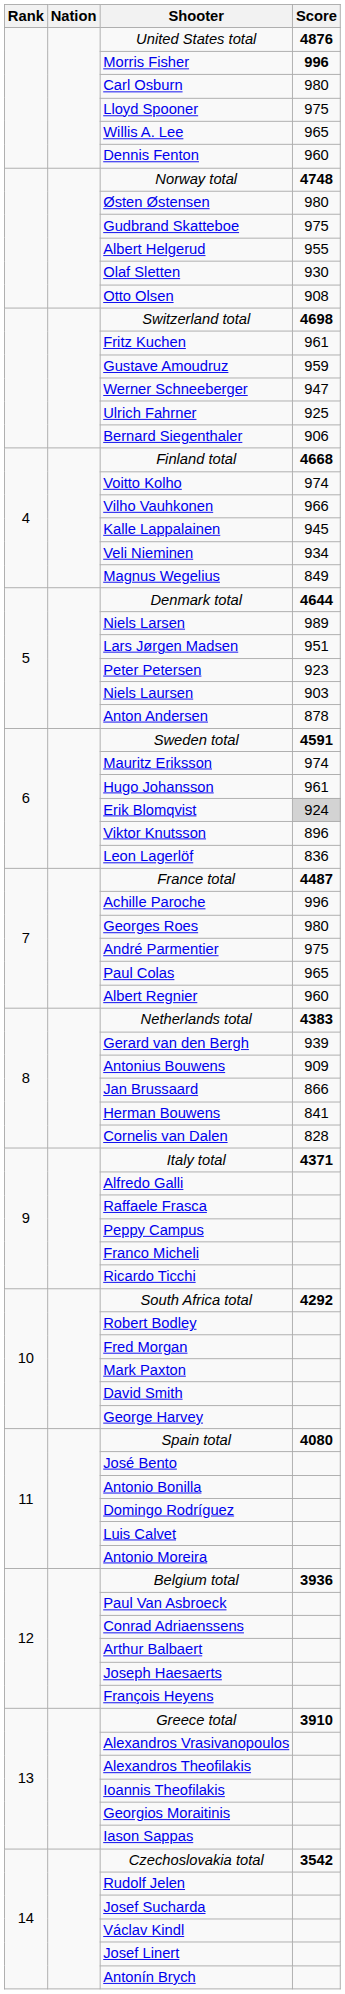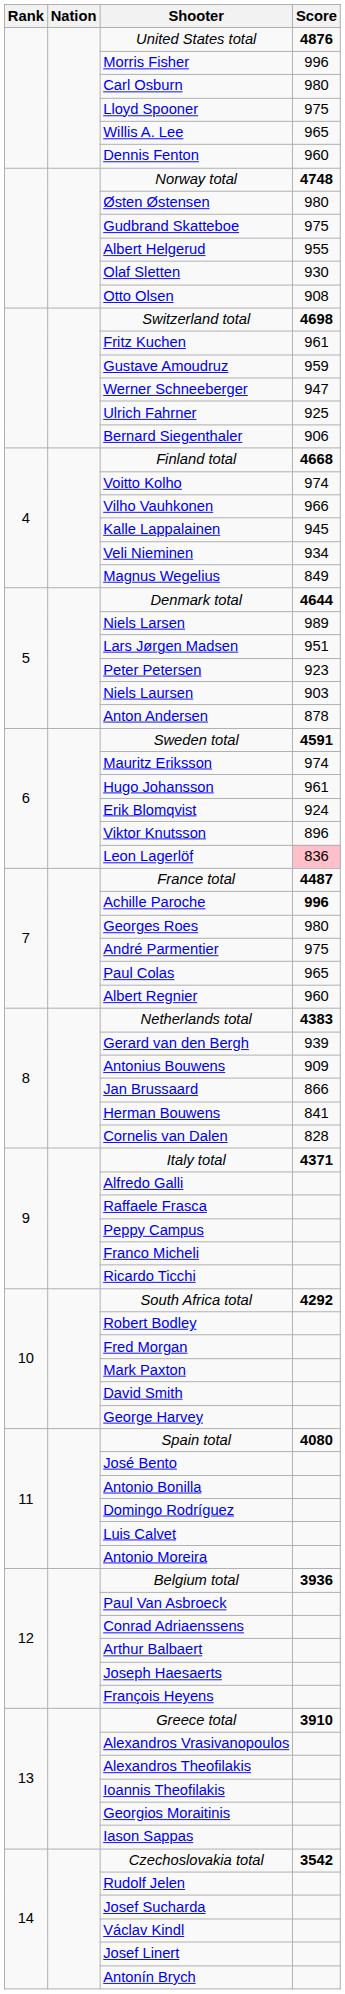 <table class=wikitable style="text-align:center">
 <tr>
 <th>Rank</th>
 <th>Nation</th>
 <th>Shooter</th>
 <th>Score</th>
 </tr>
 <tr>
 <td rowspan=6></td>
 <td rowspan=6 align=left></td>
 <td><em>United States total</em></td>
 <td><strong>4876</strong></td>
 </tr>
 <tr>
 <td align=left><a href='#'>Morris Fisher</a></td>
-<td><strong>996</strong></td>
+<td>996</td>
 </tr>
 <tr>
 <td align=left><a href='#'>Carl Osburn</a></td>
 <td>980</td>
 </tr>
 <tr>
 <td align=left><a href='#'>Lloyd Spooner</a></td>
 <td>975</td>
 </tr>
 <tr>
 <td align=left><a href='#'>Willis A. Lee</a></td>
 <td>965</td>
 </tr>
 <tr>
 <td align=left><a href='#'>Dennis Fenton</a></td>
 <td>960</td>
 </tr>
 <tr>
 <td rowspan=6></td>
 <td rowspan=6 align=left></td>
 <td><em>Norway total</em></td>
 <td><strong>4748</strong></td>
 </tr>
 <tr>
 <td align=left><a href='#'>Østen Østensen</a></td>
 <td>980</td>
 </tr>
 <tr>
 <td align=left><a href='#'>Gudbrand Skatteboe</a></td>
 <td>975</td>
 </tr>
 <tr>
 <td align=left><a href='#'>Albert Helgerud</a></td>
 <td>955</td>
 </tr>
 <tr>
 <td align=left><a href='#'>Olaf Sletten</a></td>
 <td>930</td>
 </tr>
 <tr>
 <td align=left><a href='#'>Otto Olsen</a></td>
 <td>908</td>
 </tr>
 <tr>
 <td rowspan=6></td>
 <td rowspan=6 align=left></td>
 <td><em>Switzerland total</em></td>
 <td><strong>4698</strong></td>
 </tr>
 <tr>
 <td align=left><a href='#'>Fritz Kuchen</a></td>
 <td>961</td>
 </tr>
 <tr>
 <td align=left><a href='#'>Gustave Amoudruz</a></td>
 <td>959</td>
 </tr>
 <tr>
 <td align=left><a href='#'>Werner Schneeberger</a></td>
 <td>947</td>
 </tr>
 <tr>
 <td align=left><a href='#'>Ulrich Fahrner</a></td>
 <td>925</td>
 </tr>
 <tr>
 <td align=left><a href='#'>Bernard Siegenthaler</a></td>
 <td>906</td>
 </tr>
 <tr>
 <td rowspan=6>4</td>
 <td rowspan=6 align=left></td>
 <td><em>Finland total</em></td>
 <td><strong>4668</strong></td>
 </tr>
 <tr>
 <td align=left><a href='#'>Voitto Kolho</a></td>
 <td>974</td>
 </tr>
 <tr>
 <td align=left><a href='#'>Vilho Vauhkonen</a></td>
 <td>966</td>
 </tr>
 <tr>
 <td align=left><a href='#'>Kalle Lappalainen</a></td>
 <td>945</td>
 </tr>
 <tr>
 <td align=left><a href='#'>Veli Nieminen</a></td>
 <td>934</td>
 </tr>
 <tr>
 <td align=left><a href='#'>Magnus Wegelius</a></td>
 <td>849</td>
 </tr>
 <tr>
 <td rowspan=6>5</td>
 <td rowspan=6 align=left></td>
 <td><em>Denmark total</em></td>
 <td><strong>4644</strong></td>
 </tr>
 <tr>
 <td align=left><a href='#'>Niels Larsen</a></td>
 <td>989</td>
 </tr>
 <tr>
 <td align=left><a href='#'>Lars Jørgen Madsen</a></td>
 <td>951</td>
 </tr>
 <tr>
 <td align=left><a href='#'>Peter Petersen</a></td>
 <td>923</td>
 </tr>
 <tr>
 <td align=left><a href='#'>Niels Laursen</a></td>
 <td>903</td>
 </tr>
 <tr>
 <td align=left><a href='#'>Anton Andersen</a></td>
 <td>878</td>
 </tr>
 <tr>
 <td rowspan=6>6</td>
 <td rowspan=6 align=left></td>
 <td><em>Sweden total</em></td>
 <td><strong>4591</strong></td>
 </tr>
 <tr>
 <td align=left><a href='#'>Mauritz Eriksson</a></td>
 <td>974</td>
 </tr>
 <tr>
 <td align=left><a href='#'>Hugo Johansson</a></td>
 <td>961</td>
 </tr>
 <tr>
 <td align=left><a href='#'>Erik Blomqvist</a></td>
-<td style="background: lightgrey;">924</td>
+<td>924</td>
 </tr>
 <tr>
 <td align=left><a href='#'>Viktor Knutsson</a></td>
 <td>896</td>
 </tr>
 <tr>
 <td align=left><a href='#'>Leon Lagerlöf</a></td>
-<td>836</td>
+<td style="background: pink;">836</td>
 </tr>
 <tr>
 <td rowspan=6>7</td>
 <td rowspan=6 align=left></td>
 <td><em>France total</em></td>
 <td><strong>4487</strong></td>
 </tr>
 <tr>
 <td align=left><a href='#'>Achille Paroche</a></td>
-<td>996</td>
+<td><strong>996</strong></td>
 </tr>
 <tr>
 <td align=left><a href='#'>Georges Roes</a></td>
 <td>980</td>
 </tr>
 <tr>
 <td align=left><a href='#'>André Parmentier</a></td>
 <td>975</td>
 </tr>
 <tr>
 <td align=left><a href='#'>Paul Colas</a></td>
 <td>965</td>
 </tr>
 <tr>
 <td align=left><a href='#'>Albert Regnier</a></td>
 <td>960</td>
 </tr>
 <tr>
 <td rowspan=6>8</td>
 <td rowspan=6 align=left></td>
 <td><em>Netherlands total</em></td>
 <td><strong>4383</strong></td>
 </tr>
 <tr>
 <td align=left><a href='#'>Gerard van den Bergh</a></td>
 <td>939</td>
 </tr>
 <tr>
 <td align=left><a href='#'>Antonius Bouwens</a></td>
 <td>909</td>
 </tr>
 <tr>
 <td align=left><a href='#'>Jan Brussaard</a></td>
 <td>866</td>
 </tr>
 <tr>
 <td align=left><a href='#'>Herman Bouwens</a></td>
 <td>841</td>
 </tr>
 <tr>
 <td align=left><a href='#'>Cornelis van Dalen</a></td>
 <td>828</td>
 </tr>
 <tr>
 <td rowspan=6>9</td>
 <td rowspan=6 align=left></td>
 <td><em>Italy total</em></td>
 <td><strong>4371</strong></td>
 </tr>
 <tr>
 <td align=left><a href='#'>Alfredo Galli</a></td>
 <td></td>
 </tr>
 <tr>
 <td align=left><a href='#'>Raffaele Frasca</a></td>
 <td></td>
 </tr>
 <tr>
 <td align=left><a href='#'>Peppy Campus</a></td>
 <td></td>
 </tr>
 <tr>
 <td align=left><a href='#'>Franco Micheli</a></td>
 <td></td>
 </tr>
 <tr>
 <td align=left><a href='#'>Ricardo Ticchi</a></td>
 <td></td>
 </tr>
 <tr>
 <td rowspan=6>10</td>
 <td rowspan=6 align=left></td>
 <td><em>South Africa total</em></td>
 <td><strong>4292</strong></td>
 </tr>
 <tr>
 <td align=left><a href='#'>Robert Bodley</a></td>
 <td></td>
 </tr>
 <tr>
 <td align=left><a href='#'>Fred Morgan</a></td>
 <td></td>
 </tr>
 <tr>
 <td align=left><a href='#'>Mark Paxton</a></td>
 <td></td>
 </tr>
 <tr>
 <td align=left><a href='#'>David Smith</a></td>
 <td></td>
 </tr>
 <tr>
 <td align=left><a href='#'>George Harvey</a></td>
 <td></td>
 </tr>
 <tr>
 <td rowspan=6>11</td>
 <td rowspan=6 align=left></td>
 <td><em>Spain total</em></td>
 <td><strong>4080</strong></td>
 </tr>
 <tr>
 <td align=left><a href='#'>José Bento</a></td>
 <td></td>
 </tr>
 <tr>
 <td align=left><a href='#'>Antonio Bonilla</a></td>
 <td></td>
 </tr>
 <tr>
 <td align=left><a href='#'>Domingo Rodríguez</a></td>
 <td></td>
 </tr>
 <tr>
 <td align=left><a href='#'>Luis Calvet</a></td>
 <td></td>
 </tr>
 <tr>
 <td align=left><a href='#'>Antonio Moreira</a></td>
 <td></td>
 </tr>
 <tr>
 <td rowspan=6>12</td>
 <td rowspan=6 align=left></td>
 <td><em>Belgium total</em></td>
 <td><strong>3936</strong></td>
 </tr>
 <tr>
 <td align=left><a href='#'>Paul Van Asbroeck</a></td>
 <td></td>
 </tr>
 <tr>
 <td align=left><a href='#'>Conrad Adriaenssens</a></td>
 <td></td>
 </tr>
 <tr>
 <td align=left><a href='#'>Arthur Balbaert</a></td>
 <td></td>
 </tr>
 <tr>
 <td align=left><a href='#'>Joseph Haesaerts</a></td>
 <td></td>
 </tr>
 <tr>
 <td align=left><a href='#'>François Heyens</a></td>
 <td></td>
 </tr>
 <tr>
 <td rowspan=6>13</td>
 <td rowspan=6 align=left></td>
 <td><em>Greece total</em></td>
 <td><strong>3910</strong></td>
 </tr>
 <tr>
 <td align=left><a href='#'>Alexandros Vrasivanopoulos</a></td>
 <td></td>
 </tr>
 <tr>
 <td align=left><a href='#'>Alexandros Theofilakis</a></td>
 <td></td>
 </tr>
 <tr>
 <td align=left><a href='#'>Ioannis Theofilakis</a></td>
 <td></td>
 </tr>
 <tr>
 <td align=left><a href='#'>Georgios Moraitinis</a></td>
 <td></td>
 </tr>
 <tr>
 <td align=left><a href='#'>Iason Sappas</a></td>
 <td></td>
 </tr>
 <tr>
 <td rowspan=6>14</td>
 <td rowspan=6 align=left></td>
 <td><em>Czechoslovakia total</em></td>
 <td><strong>3542</strong></td>
 </tr>
 <tr>
 <td align=left><a href='#'>Rudolf Jelen</a></td>
 <td></td>
 </tr>
 <tr>
 <td align=left><a href='#'>Josef Sucharda</a></td>
 <td></td>
 </tr>
 <tr>
 <td align=left><a href='#'>Václav Kindl</a></td>
 <td></td>
 </tr>
 <tr>
 <td align=left><a href='#'>Josef Linert</a></td>
 <td></td>
 </tr>
 <tr>
 <td align=left><a href='#'>Antonín Brych</a></td>
 <td></td>
 </tr>
 </table>
